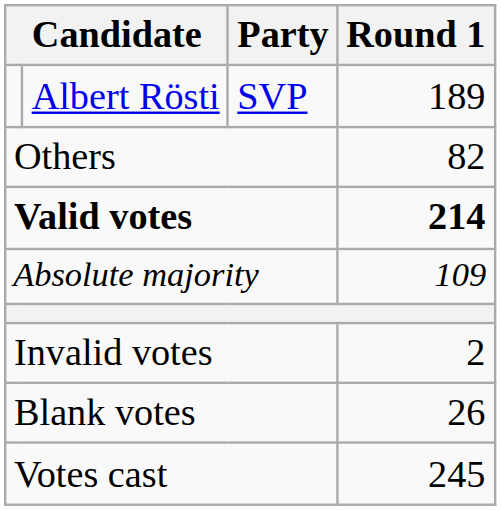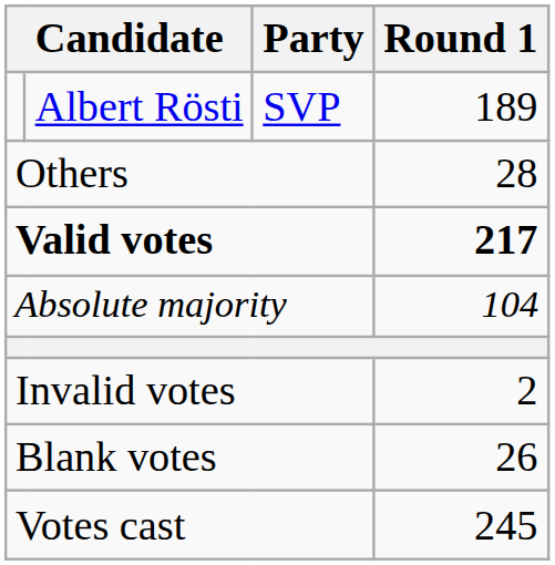 <table class="wikitable" style="text-align:right;">
 <tr>
 <th colspan="2">Candidate</th>
 <th>Party</th>
 <th>Round 1</th>
 </tr>
 <tr>
 <td style="background-color:"></td>
 <td style="text-align:left;"><a href='#'>Albert Rösti</a></td>
 <td style="text-align:left;"><a href='#'>SVP</a></td>
 <td>189</td>
 </tr>
 <tr>
 <td colspan="3" style="text-align:left;">Others</td>
-<td>82</td>
+<td>28</td>
 </tr>
 <tr style="font-weight:bold;">
 <td colspan="3" style="text-align:left;">Valid votes</td>
-<td>214</td>
+<td>217</td>
 </tr>
 <tr style="font-style:italic; font-size:90%;">
 <td colspan="3" style="text-align:left;">Absolute majority</td>
-<td>109</td>
+<td>104</td>
 </tr>
 <tr>
 <th colspan="10"></th>
 </tr>
 <tr>
 <td colspan="3" style="text-align:left;">Invalid votes</td>
 <td>2</td>
 </tr>
 <tr>
 <td colspan="3" style="text-align:left;">Blank votes</td>
 <td>26</td>
 </tr>
 <tr>
 <td colspan="3" style="text-align:left;">Votes cast</td>
 <td>245</td>
 </tr>
 </table>
